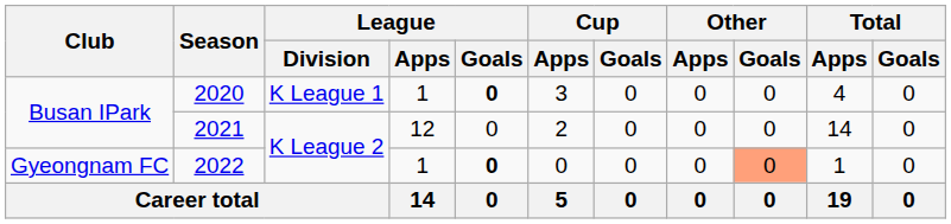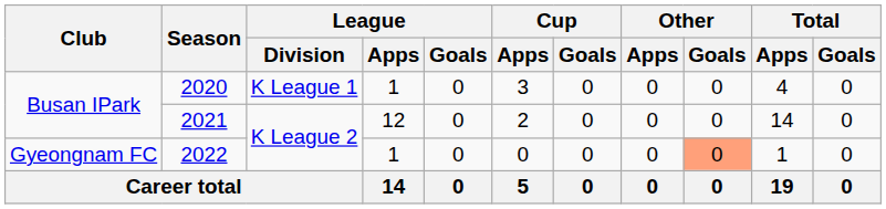 <table class="wikitable" style="text-align: center">
 <tr>
 <th rowspan="2">Club</th>
 <th rowspan="2">Season</th>
 <th colspan="3">League</th>
 <th colspan="2">Cup</th>
 <th colspan="2">Other</th>
 <th colspan="2">Total</th>
 </tr>
 <tr>
 <th>Division</th>
 <th>Apps</th>
 <th>Goals</th>
 <th>Apps</th>
 <th>Goals</th>
 <th>Apps</th>
 <th>Goals</th>
 <th>Apps</th>
 <th>Goals</th>
 </tr>
 <tr>
 <td rowspan="2"><a href='#'>Busan IPark</a></td>
 <td><a href='#'>2020</a></td>
 <td rowspan="1"><a href='#'>K League 1</a></td>
 <td>1</td>
-<td><strong>0</strong></td>
+<td>0</td>
 <td>3</td>
 <td>0</td>
 <td>0</td>
 <td>0</td>
 <td>4</td>
 <td>0</td>
 </tr>
 <tr>
 <td><a href='#'>2021</a></td>
 <td rowspan="2"><a href='#'>K League 2</a></td>
 <td>12</td>
 <td>0</td>
 <td>2</td>
 <td>0</td>
 <td>0</td>
 <td>0</td>
 <td>14</td>
 <td>0</td>
 </tr>
 <tr>
 <td rowspan="1"><a href='#'>Gyeongnam FC</a></td>
 <td><a href='#'>2022</a></td>
 <td>1</td>
-<td><strong>0</strong></td>
+<td>0</td>
 <td>0</td>
 <td>0</td>
 <td>0</td>
 <td style="background: lightsalmon;">0</td>
 <td>1</td>
 <td>0</td>
 </tr>
 <tr>
 <th colspan=3>Career total</th>
 <th>14</th>
 <th>0</th>
 <th>5</th>
 <th>0</th>
 <th>0</th>
 <th>0</th>
 <th>19</th>
 <th>0</th>
 </tr>
 </table>
